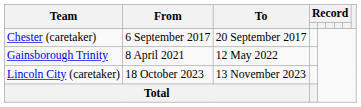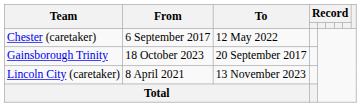 <table class="wikitable" style="text-align: center">
 <tr>
 <th rowspan=2>Team</th>
 <th rowspan=2>From</th>
 <th rowspan=2>To</th>
 <th colspan=5>Record</th>
 <th rowspan=2></th>
 </tr>
 <tr>
 <th></th>
 <th></th>
 <th></th>
 <th></th>
 <th></th>
 </tr>
 <tr>
 <td align=left><a href='#'>Chester</a> (caretaker)</td>
 <td align=left>6 September 2017</td>
+<td align=left>12 May 2022<br></td>
+<td></td>
+</tr>
+<tr>
+<td align=left><a href='#'>Gainsborough Trinity</a></td>
+<td align=left>18 October 2023</td>
 <td align=left>20 September 2017<br></td>
 <td></td>
 </tr>
 <tr>
-<td align=left><a href='#'>Gainsborough Trinity</a></td>
+<td align=left><a href='#'>Lincoln City</a> (caretaker)</td>
 <td align=left>8 April 2021</td>
-<td align=left>12 May 2022<br></td>
-<td></td>
-</tr>
-<tr>
-<td align=left><a href='#'>Lincoln City</a> (caretaker)</td>
-<td align=left>18 October 2023</td>
 <td align=left>13 November 2023<br></td>
 <td></td>
 </tr>
 <tr>
 <th colspan="3">Total<br></th>
 <th></th>
 </tr>
 </table>
